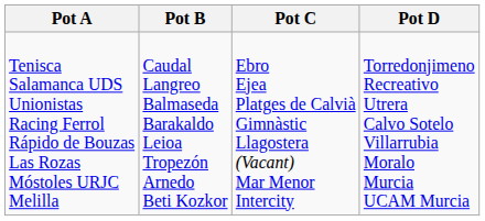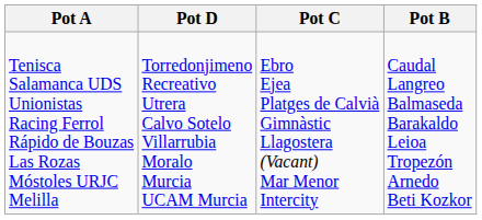 <table class="wikitable">
 <tr>
 <th>Pot A</th>
+<th>Pot D</th>
+<th>Pot C</th>
 <th>Pot B</th>
-<th>Pot C</th>
-<th>Pot D</th>
 </tr>
 <tr style="vertical-align:top">
 <td><br> <a href='#'>Tenisca</a><br>  <a href='#'>Salamanca UDS</a><br>  <a href='#'>Unionistas</a><br>  <a href='#'>Racing Ferrol</a><br>  <a href='#'>Rápido de Bouzas</a><br>  <a href='#'>Las Rozas</a><br>  <a href='#'>Móstoles URJC</a><br>  <a href='#'>Melilla</a></td>
+<td><br> <a href='#'>Torredonjimeno</a><br>  <a href='#'>Recreativo</a><br>  <a href='#'>Utrera</a><br>  <a href='#'>Calvo Sotelo</a><br>  <a href='#'>Villarrubia</a><br>  <a href='#'>Moralo</a><br>  <a href='#'>Murcia</a><br>  <a href='#'>UCAM Murcia</a></td>
+<td><br> <a href='#'>Ebro</a><br>  <a href='#'>Ejea</a><br>  <a href='#'>Platges de Calvià</a><br>  <a href='#'>Gimnàstic</a><br>  <a href='#'>Llagostera</a><br>  <em>(Vacant)</em><br>  <a href='#'>Mar Menor</a><br>  <a href='#'>Intercity</a></td>
 <td><br> <a href='#'>Caudal</a><br>  <a href='#'>Langreo</a><br>  <a href='#'>Balmaseda</a><br>  <a href='#'>Barakaldo</a><br>  <a href='#'>Leioa</a><br>  <a href='#'>Tropezón</a><br>  <a href='#'>Arnedo</a><br>  <a href='#'>Beti Kozkor</a></td>
-<td><br> <a href='#'>Ebro</a><br>  <a href='#'>Ejea</a><br>  <a href='#'>Platges de Calvià</a><br>  <a href='#'>Gimnàstic</a><br>  <a href='#'>Llagostera</a><br>  <em>(Vacant)</em><br>  <a href='#'>Mar Menor</a><br>  <a href='#'>Intercity</a></td>
-<td><br> <a href='#'>Torredonjimeno</a><br>  <a href='#'>Recreativo</a><br>  <a href='#'>Utrera</a><br>  <a href='#'>Calvo Sotelo</a><br>  <a href='#'>Villarrubia</a><br>  <a href='#'>Moralo</a><br>  <a href='#'>Murcia</a><br>  <a href='#'>UCAM Murcia</a></td>
 </tr>
 </table>
